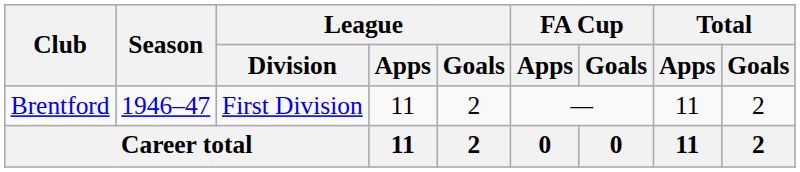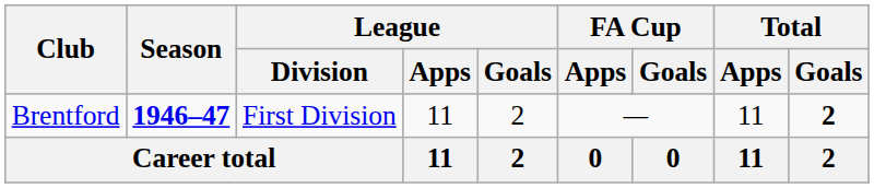 <table class="wikitable" style="text-align: center;">
 <tr>
 <th rowspan="2">Club</th>
 <th rowspan="2">Season</th>
 <th colspan="3">League</th>
 <th colspan="2">FA Cup</th>
 <th colspan="2">Total</th>
 </tr>
 <tr>
 <th>Division</th>
 <th>Apps</th>
 <th>Goals</th>
 <th>Apps</th>
 <th>Goals</th>
 <th>Apps</th>
 <th>Goals</th>
 </tr>
 <tr>
 <td><a href='#'>Brentford</a></td>
-<td><a href='#'>1946–47</a></td>
+<td><strong><a href='#'>1946–47</a></strong></td>
 <td><a href='#'>First Division</a></td>
 <td>11</td>
 <td>2</td>
 <td colspan="2"><em>—</em></td>
 <td>11</td>
-<td>2</td>
+<td><strong>2</strong></td>
 </tr>
 <tr>
 <th colspan="3">Career total</th>
 <th>11</th>
 <th>2</th>
 <th>0</th>
 <th>0</th>
 <th>11</th>
 <th>2</th>
 </tr>
 </table>
